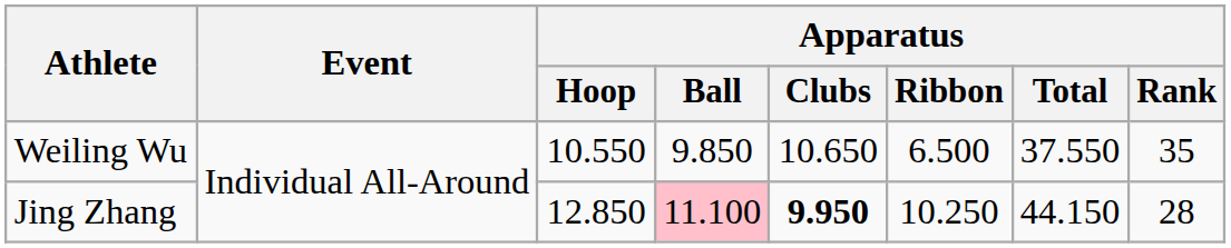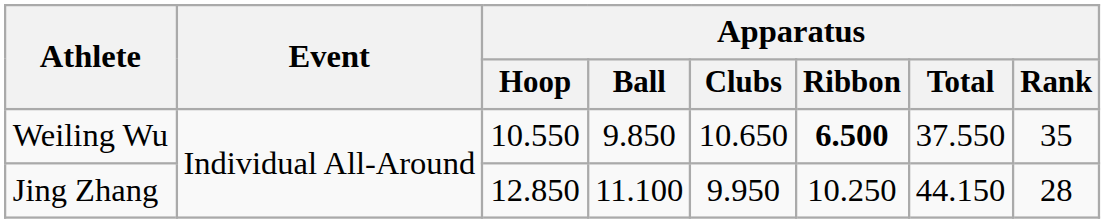 <table class=wikitable style="font-size:90%">
 <tr>
 <th rowspan=2>Athlete</th>
 <th rowspan=2>Event</th>
 <th colspan=6>Apparatus</th>
 </tr>
 <tr style="font-size:95%">
 <th>Hoop</th>
 <th>Ball</th>
 <th>Clubs</th>
 <th>Ribbon</th>
 <th>Total</th>
 <th>Rank</th>
 </tr>
 <tr align=center>
 <td align=left>Weiling Wu</td>
 <td align=left rowspan=2>Individual All-Around</td>
 <td>10.550</td>
 <td>9.850</td>
 <td>10.650</td>
-<td>6.500</td>
+<td><strong>6.500</strong></td>
 <td>37.550</td>
 <td>35</td>
 </tr>
 <tr align=center>
 <td align=left>Jing Zhang</td>
 <td>12.850</td>
-<td style="background: pink;">11.100</td>
-<td><strong>9.950</strong></td>
+<td>11.100</td>
+<td>9.950</td>
 <td>10.250</td>
 <td>44.150</td>
 <td>28</td>
 </tr>
 </table>
